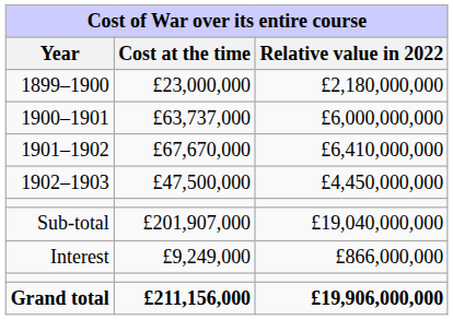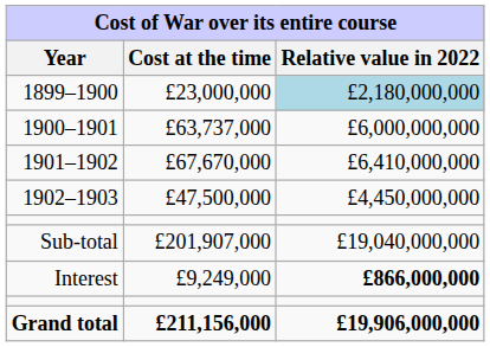 <table class="wikitable" style="margin:0 0 1.0em 1.0em; text-align:right; font-size:95%;">
 <tr>
 <th colspan="5" style="background:#ccf;">Cost of War over its entire course</th>
 </tr>
 <tr>
 <th>Year</th>
 <th>Cost at the time</th>
 <th>Relative value in 2022</th>
 </tr>
 <tr>
 <td>1899–1900</td>
 <td>£23,000,000</td>
-<td>£2,180,000,000</td>
+<td style="background: lightblue;">£2,180,000,000</td>
 </tr>
 <tr>
 <td>1900–1901</td>
 <td>£63,737,000</td>
 <td>£6,000,000,000</td>
 </tr>
 <tr>
 <td>1901–1902</td>
 <td>£67,670,000</td>
 <td>£6,410,000,000</td>
 </tr>
 <tr>
 <td>1902–1903</td>
 <td>£47,500,000</td>
 <td>£4,450,000,000</td>
 </tr>
 <tr>
 <td></td>
 <td></td>
 <td></td>
 </tr>
 <tr>
 <td>Sub-total</td>
 <td>£201,907,000</td>
 <td>£19,040,000,000</td>
 </tr>
 <tr>
 <td>Interest</td>
 <td>£9,249,000</td>
-<td>£866,000,000</td>
+<td><strong>£866,000,000</strong></td>
 </tr>
 <tr>
 <td></td>
 <td></td>
 <td></td>
 </tr>
 <tr>
 <td><strong>Grand total</strong></td>
 <td><strong>£211,156,000</strong></td>
 <td><strong>£19,906,000,000</strong></td>
 </tr>
 </table>
